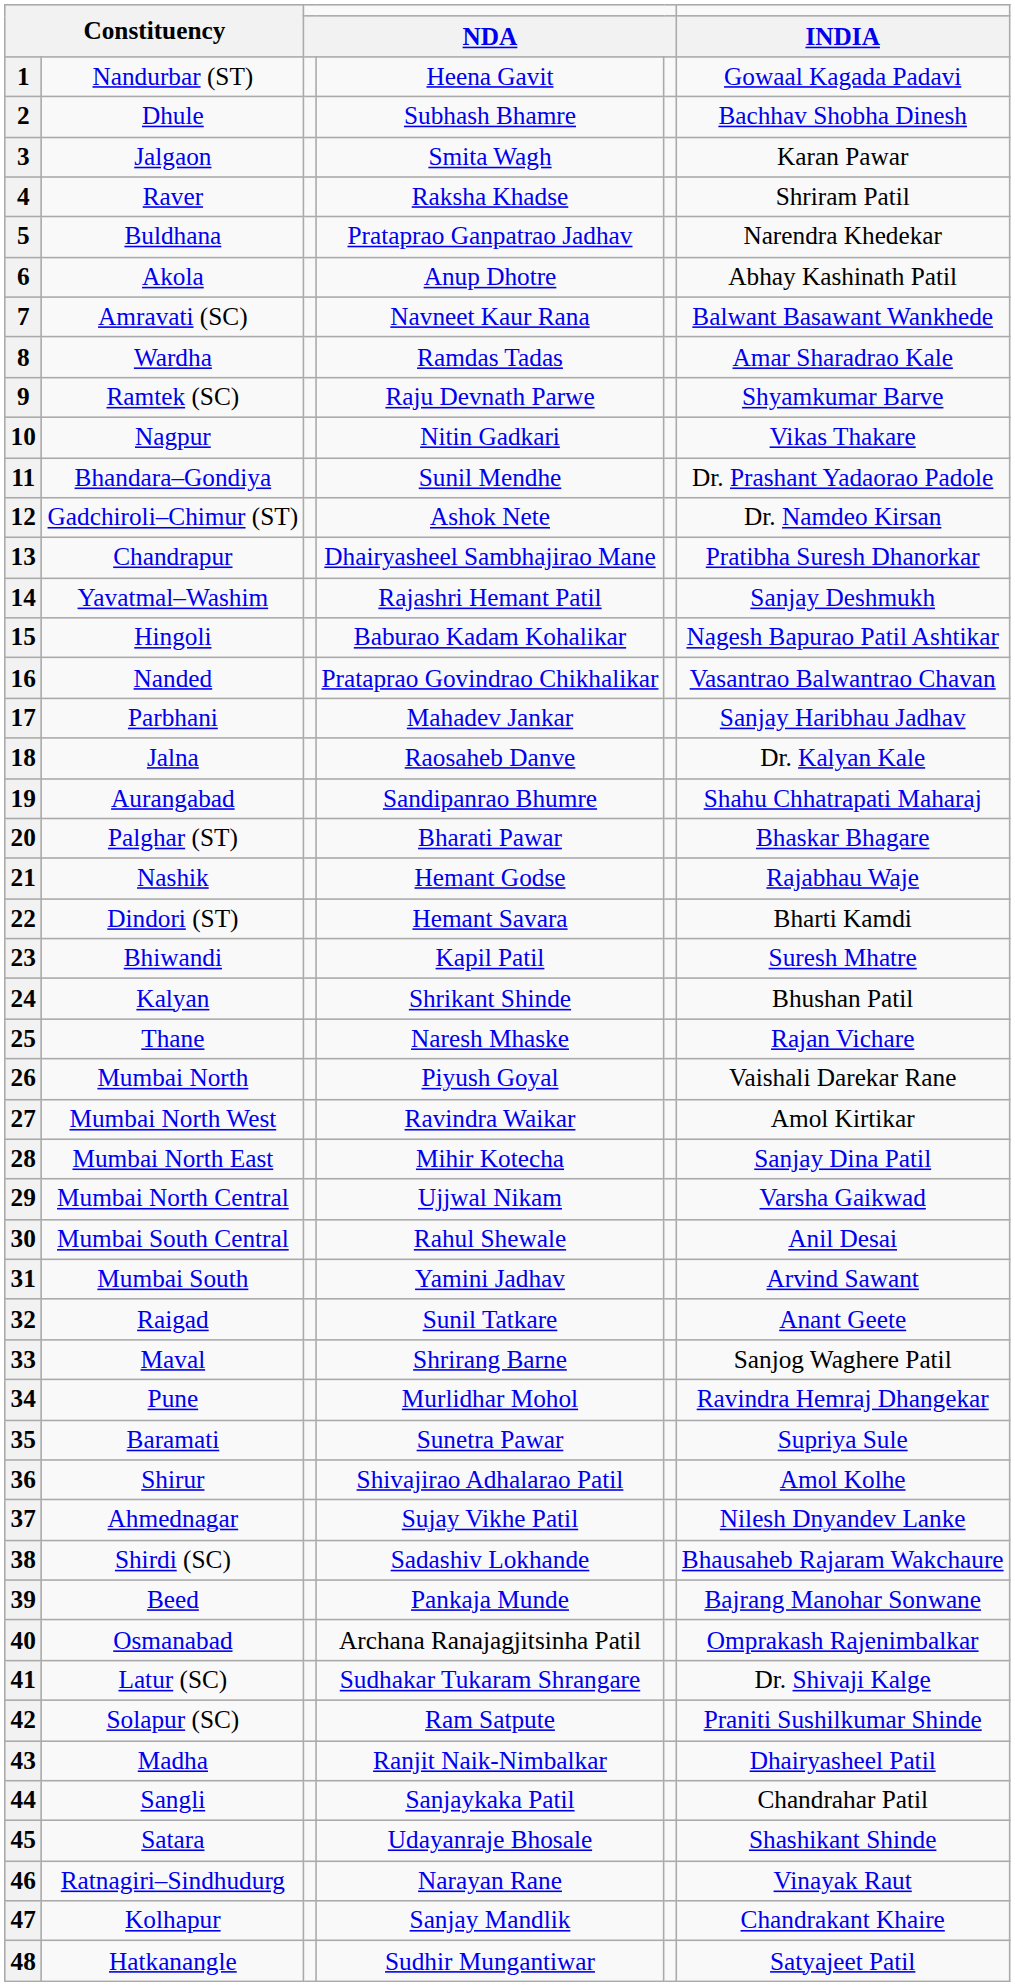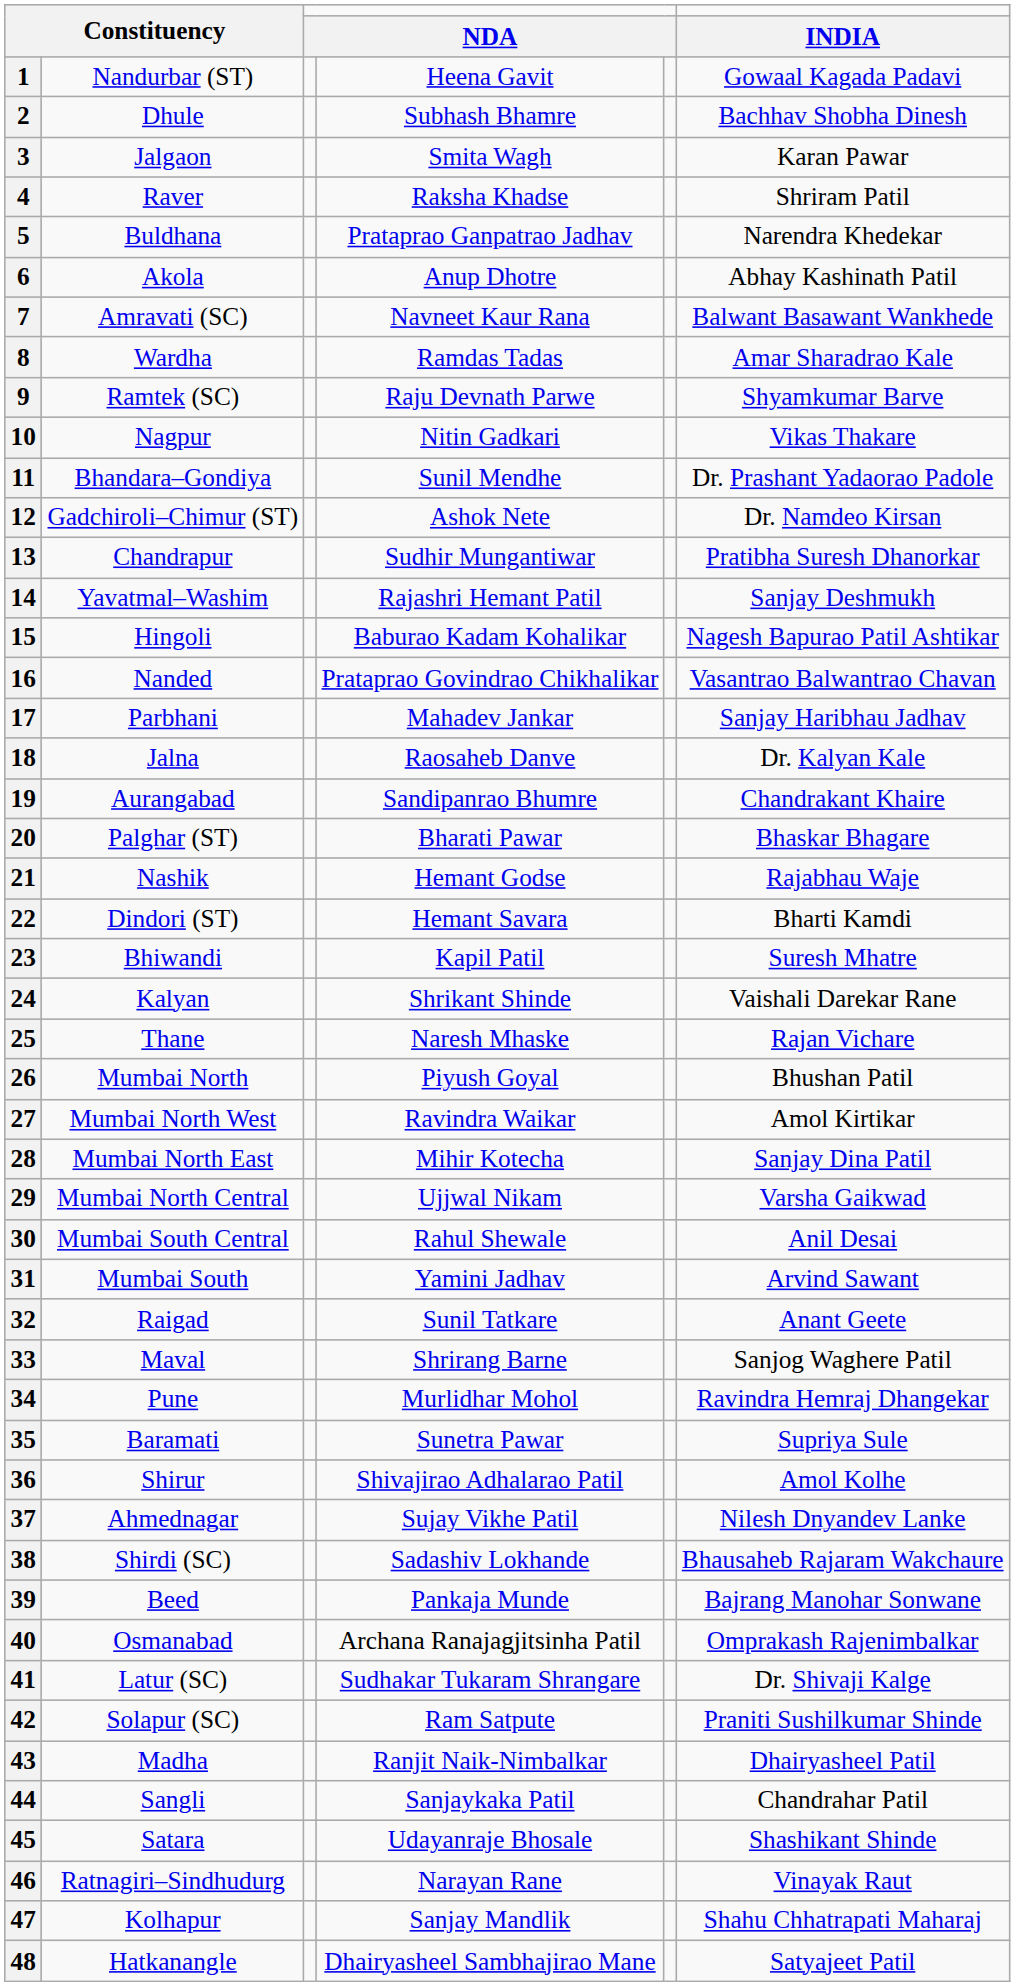 <table class="wikitable sortable" style="text-align:center;">
 <tr>
 <th rowspan="2" colspan="2">Constituency</th>
 <td colspan="3" style="color:inherit;background:"></td>
 <td colspan="3"></td>
 </tr>
 <tr>
 <th colspan="3"><a href='#'>NDA</a></th>
 <th colspan="3"><a href='#'>INDIA</a></th>
 </tr>
 <tr>
 <th>1</th>
 <td><a href='#'>Nandurbar</a> (ST)</td>
 <td></td>
 <td><a href='#'>Heena Gavit</a></td>
 <td></td>
 <td><a href='#'>Gowaal Kagada Padavi</a></td>
 </tr>
 <tr>
 <th>2</th>
 <td><a href='#'>Dhule</a></td>
 <td></td>
 <td><a href='#'>Subhash Bhamre</a></td>
 <td></td>
 <td><a href='#'>Bachhav Shobha Dinesh</a></td>
 </tr>
 <tr>
 <th>3</th>
 <td><a href='#'>Jalgaon</a></td>
 <td></td>
 <td><a href='#'>Smita Wagh</a></td>
 <td></td>
 <td>Karan Pawar</td>
 </tr>
 <tr>
 <th>4</th>
 <td><a href='#'>Raver</a></td>
 <td></td>
 <td><a href='#'>Raksha Khadse</a></td>
 <td></td>
 <td>Shriram Patil</td>
 </tr>
 <tr>
 <th>5</th>
 <td><a href='#'>Buldhana</a></td>
 <td></td>
 <td><a href='#'>Prataprao Ganpatrao Jadhav</a></td>
 <td></td>
 <td>Narendra Khedekar</td>
 </tr>
 <tr>
 <th>6</th>
 <td><a href='#'>Akola</a></td>
 <td></td>
 <td><a href='#'>Anup Dhotre</a></td>
 <td></td>
 <td>Abhay Kashinath Patil</td>
 </tr>
 <tr>
 <th>7</th>
 <td><a href='#'>Amravati</a> (SC)</td>
 <td></td>
 <td><a href='#'>Navneet Kaur Rana</a></td>
 <td></td>
 <td><a href='#'>Balwant Basawant Wankhede</a></td>
 </tr>
 <tr>
 <th>8</th>
 <td><a href='#'>Wardha</a></td>
 <td></td>
 <td><a href='#'>Ramdas Tadas</a></td>
 <td></td>
 <td><a href='#'>Amar Sharadrao Kale</a></td>
 </tr>
 <tr>
 <th>9</th>
 <td><a href='#'>Ramtek</a> (SC)</td>
 <td></td>
 <td><a href='#'>Raju Devnath Parwe</a></td>
 <td></td>
 <td><a href='#'>Shyamkumar Barve</a></td>
 </tr>
 <tr>
 <th>10</th>
 <td><a href='#'>Nagpur</a></td>
 <td></td>
 <td><a href='#'>Nitin Gadkari</a></td>
 <td></td>
 <td><a href='#'>Vikas Thakare</a></td>
 </tr>
 <tr>
 <th>11</th>
 <td><a href='#'>Bhandara–Gondiya</a></td>
 <td></td>
 <td><a href='#'>Sunil Mendhe</a></td>
 <td></td>
 <td>Dr. <a href='#'>Prashant Yadaorao Padole</a></td>
 </tr>
 <tr>
 <th>12</th>
 <td><a href='#'>Gadchiroli–Chimur</a> (ST)</td>
 <td></td>
 <td><a href='#'>Ashok Nete</a></td>
 <td></td>
 <td>Dr. <a href='#'>Namdeo Kirsan</a></td>
 </tr>
 <tr>
 <th>13</th>
 <td><a href='#'>Chandrapur</a></td>
 <td></td>
-<td><a href='#'>Dhairyasheel Sambhajirao Mane</a></td>
+<td><a href='#'>Sudhir Mungantiwar</a></td>
 <td></td>
 <td><a href='#'>Pratibha Suresh Dhanorkar</a></td>
 </tr>
 <tr>
 <th>14</th>
 <td><a href='#'>Yavatmal–Washim</a></td>
 <td></td>
 <td><a href='#'>Rajashri Hemant Patil</a></td>
 <td></td>
 <td><a href='#'>Sanjay Deshmukh</a></td>
 </tr>
 <tr>
 <th>15</th>
 <td><a href='#'>Hingoli</a></td>
 <td></td>
 <td><a href='#'>Baburao Kadam Kohalikar</a></td>
 <td></td>
 <td><a href='#'>Nagesh Bapurao Patil Ashtikar</a></td>
 </tr>
 <tr>
 <th>16</th>
 <td><a href='#'>Nanded</a></td>
 <td></td>
 <td><a href='#'>Prataprao Govindrao Chikhalikar</a></td>
 <td></td>
 <td><a href='#'>Vasantrao Balwantrao Chavan</a></td>
 </tr>
 <tr>
 <th>17</th>
 <td><a href='#'>Parbhani</a></td>
 <td></td>
 <td><a href='#'>Mahadev Jankar</a></td>
 <td></td>
 <td><a href='#'>Sanjay Haribhau Jadhav</a></td>
 </tr>
 <tr>
 <th>18</th>
 <td><a href='#'>Jalna</a></td>
 <td></td>
 <td><a href='#'>Raosaheb Danve</a></td>
 <td></td>
 <td>Dr. <a href='#'>Kalyan Kale</a></td>
 </tr>
 <tr>
 <th>19</th>
 <td><a href='#'>Aurangabad</a></td>
 <td></td>
 <td><a href='#'>Sandipanrao Bhumre</a></td>
 <td></td>
-<td><a href='#'>Shahu Chhatrapati Maharaj</a></td>
+<td><a href='#'>Chandrakant Khaire</a></td>
 </tr>
 <tr>
 <th>20</th>
 <td><a href='#'>Palghar</a> (ST)</td>
 <td></td>
 <td><a href='#'>Bharati Pawar</a></td>
 <td></td>
 <td><a href='#'>Bhaskar Bhagare</a></td>
 </tr>
 <tr>
 <th>21</th>
 <td><a href='#'>Nashik</a></td>
 <td></td>
 <td><a href='#'>Hemant Godse</a></td>
 <td></td>
 <td><a href='#'>Rajabhau Waje</a></td>
 </tr>
 <tr>
 <th>22</th>
 <td><a href='#'>Dindori</a> (ST)</td>
 <td></td>
 <td><a href='#'>Hemant Savara</a></td>
 <td></td>
 <td>Bharti Kamdi</td>
 </tr>
 <tr>
 <th>23</th>
 <td><a href='#'>Bhiwandi</a></td>
 <td></td>
 <td><a href='#'>Kapil Patil</a></td>
 <td></td>
 <td><a href='#'>Suresh Mhatre</a></td>
 </tr>
 <tr>
 <th>24</th>
 <td><a href='#'>Kalyan</a></td>
 <td></td>
 <td><a href='#'>Shrikant Shinde</a></td>
 <td></td>
-<td>Bhushan Patil</td>
+<td>Vaishali Darekar Rane</td>
 </tr>
 <tr>
 <th>25</th>
 <td><a href='#'>Thane</a></td>
 <td></td>
 <td><a href='#'>Naresh Mhaske</a></td>
 <td></td>
 <td><a href='#'>Rajan Vichare</a></td>
 </tr>
 <tr>
 <th>26</th>
 <td><a href='#'>Mumbai North</a></td>
 <td></td>
 <td><a href='#'>Piyush Goyal</a></td>
 <td></td>
-<td>Vaishali Darekar Rane</td>
+<td>Bhushan Patil</td>
 </tr>
 <tr>
 <th>27</th>
 <td><a href='#'>Mumbai North West</a></td>
 <td></td>
 <td><a href='#'>Ravindra Waikar</a></td>
 <td></td>
 <td>Amol Kirtikar</td>
 </tr>
 <tr>
 <th>28</th>
 <td><a href='#'>Mumbai North East</a></td>
 <td></td>
 <td><a href='#'>Mihir Kotecha</a></td>
 <td></td>
 <td><a href='#'>Sanjay Dina Patil</a></td>
 </tr>
 <tr>
 <th>29</th>
 <td><a href='#'>Mumbai North Central</a></td>
 <td></td>
 <td><a href='#'>Ujjwal Nikam</a></td>
 <td></td>
 <td><a href='#'>Varsha Gaikwad</a></td>
 </tr>
 <tr>
 <th>30</th>
 <td><a href='#'>Mumbai South Central</a></td>
 <td></td>
 <td><a href='#'>Rahul Shewale</a></td>
 <td></td>
 <td><a href='#'>Anil Desai</a></td>
 </tr>
 <tr>
 <th>31</th>
 <td><a href='#'>Mumbai South</a></td>
 <td></td>
 <td><a href='#'>Yamini Jadhav</a></td>
 <td></td>
 <td><a href='#'>Arvind Sawant</a></td>
 </tr>
 <tr>
 <th>32</th>
 <td><a href='#'>Raigad</a></td>
 <td></td>
 <td><a href='#'>Sunil Tatkare</a></td>
 <td></td>
 <td><a href='#'>Anant Geete</a></td>
 </tr>
 <tr>
 <th>33</th>
 <td><a href='#'>Maval</a></td>
 <td></td>
 <td><a href='#'>Shrirang Barne</a></td>
 <td></td>
 <td>Sanjog Waghere Patil</td>
 </tr>
 <tr>
 <th>34</th>
 <td><a href='#'>Pune</a></td>
 <td></td>
 <td><a href='#'>Murlidhar Mohol</a></td>
 <td></td>
 <td><a href='#'>Ravindra Hemraj Dhangekar</a></td>
 </tr>
 <tr>
 <th>35</th>
 <td><a href='#'>Baramati</a></td>
 <td></td>
 <td><a href='#'>Sunetra Pawar</a></td>
 <td></td>
 <td><a href='#'>Supriya Sule</a></td>
 </tr>
 <tr>
 <th>36</th>
 <td><a href='#'>Shirur</a></td>
 <td></td>
 <td><a href='#'>Shivajirao Adhalarao Patil</a></td>
 <td></td>
 <td><a href='#'>Amol Kolhe</a></td>
 </tr>
 <tr>
 <th>37</th>
 <td><a href='#'>Ahmednagar</a></td>
 <td></td>
 <td><a href='#'>Sujay Vikhe Patil</a></td>
 <td></td>
 <td><a href='#'>Nilesh Dnyandev Lanke</a></td>
 </tr>
 <tr>
 <th>38</th>
 <td><a href='#'>Shirdi</a> (SC)</td>
 <td></td>
 <td><a href='#'>Sadashiv Lokhande</a></td>
 <td></td>
 <td><a href='#'>Bhausaheb Rajaram Wakchaure</a></td>
 </tr>
 <tr>
 <th>39</th>
 <td><a href='#'>Beed</a></td>
 <td></td>
 <td><a href='#'>Pankaja Munde</a></td>
 <td></td>
 <td><a href='#'>Bajrang Manohar Sonwane</a></td>
 </tr>
 <tr>
 <th>40</th>
 <td><a href='#'>Osmanabad</a></td>
 <td></td>
 <td>Archana Ranajagjitsinha Patil</td>
 <td></td>
 <td><a href='#'>Omprakash Rajenimbalkar</a></td>
 </tr>
 <tr>
 <th>41</th>
 <td><a href='#'>Latur</a> (SC)</td>
 <td></td>
 <td><a href='#'>Sudhakar Tukaram Shrangare</a></td>
 <td></td>
 <td>Dr. <a href='#'>Shivaji Kalge</a></td>
 </tr>
 <tr>
 <th>42</th>
 <td><a href='#'>Solapur</a> (SC)</td>
 <td></td>
 <td><a href='#'>Ram Satpute</a></td>
 <td></td>
 <td><a href='#'>Praniti Sushilkumar Shinde</a></td>
 </tr>
 <tr>
 <th>43</th>
 <td><a href='#'>Madha</a></td>
 <td></td>
 <td><a href='#'>Ranjit Naik-Nimbalkar</a></td>
 <td></td>
 <td><a href='#'>Dhairyasheel Patil</a></td>
 </tr>
 <tr>
 <th>44</th>
 <td><a href='#'>Sangli</a></td>
 <td></td>
 <td><a href='#'>Sanjaykaka Patil</a></td>
 <td></td>
 <td>Chandrahar Patil</td>
 </tr>
 <tr>
 <th>45</th>
 <td><a href='#'>Satara</a></td>
 <td></td>
 <td><a href='#'>Udayanraje Bhosale</a></td>
 <td></td>
 <td><a href='#'>Shashikant Shinde</a></td>
 </tr>
 <tr>
 <th>46</th>
 <td><a href='#'>Ratnagiri–Sindhudurg</a></td>
 <td></td>
 <td><a href='#'>Narayan Rane</a></td>
 <td></td>
 <td><a href='#'>Vinayak Raut</a></td>
 </tr>
 <tr>
 <th>47</th>
 <td><a href='#'>Kolhapur</a></td>
 <td></td>
 <td><a href='#'>Sanjay Mandlik</a></td>
 <td></td>
-<td><a href='#'>Chandrakant Khaire</a></td>
+<td><a href='#'>Shahu Chhatrapati Maharaj</a></td>
 </tr>
 <tr>
 <th>48</th>
 <td><a href='#'>Hatkanangle</a></td>
 <td></td>
-<td><a href='#'>Sudhir Mungantiwar</a></td>
+<td><a href='#'>Dhairyasheel Sambhajirao Mane</a></td>
 <td></td>
 <td><a href='#'>Satyajeet Patil</a></td>
 </tr>
 </table>
